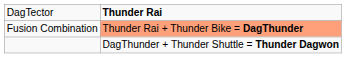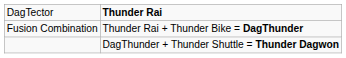 <table class="wikitable" style="text-align:left">
 <tr>
 <td>DagTector</td>
 <td><strong>Thunder Rai</strong></td>
 </tr>
 <tr>
 <td>Fusion Combination</td>
-<td style="background: lightsalmon;">Thunder Rai + Thunder Bike = <strong>DagThunder</strong></td>
+<td>Thunder Rai + Thunder Bike = <strong>DagThunder</strong></td>
 </tr>
 <tr>
 <td></td>
 <td>DagThunder + Thunder Shuttle = <strong>Thunder Dagwon</strong></td>
 </tr>
 </table>
